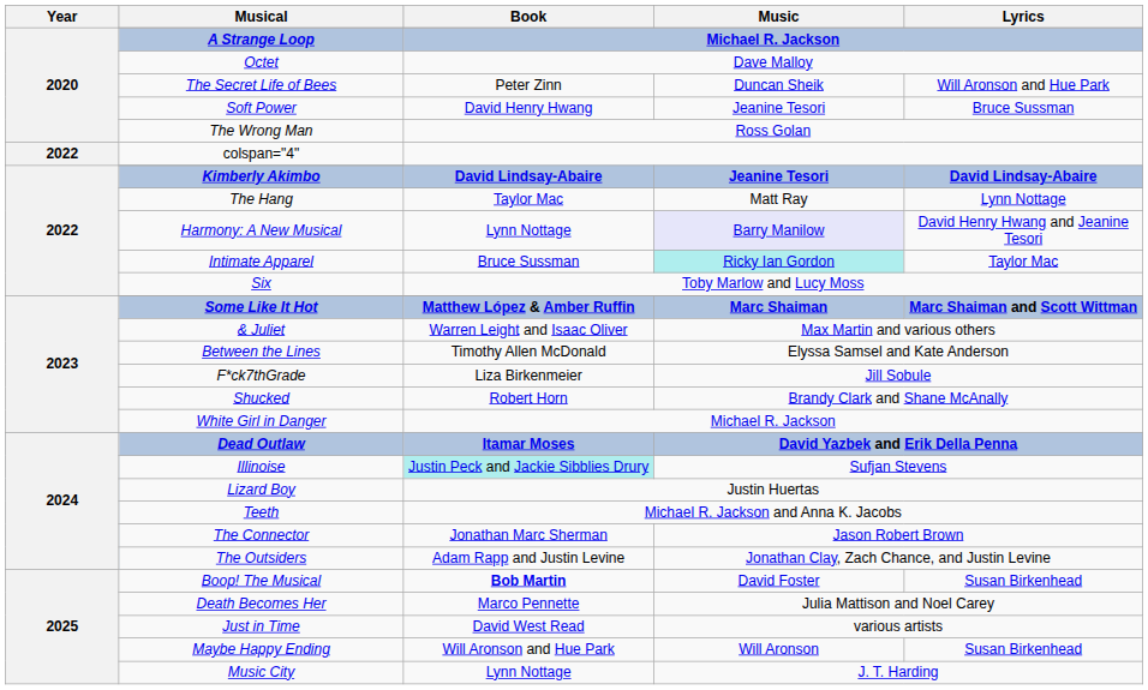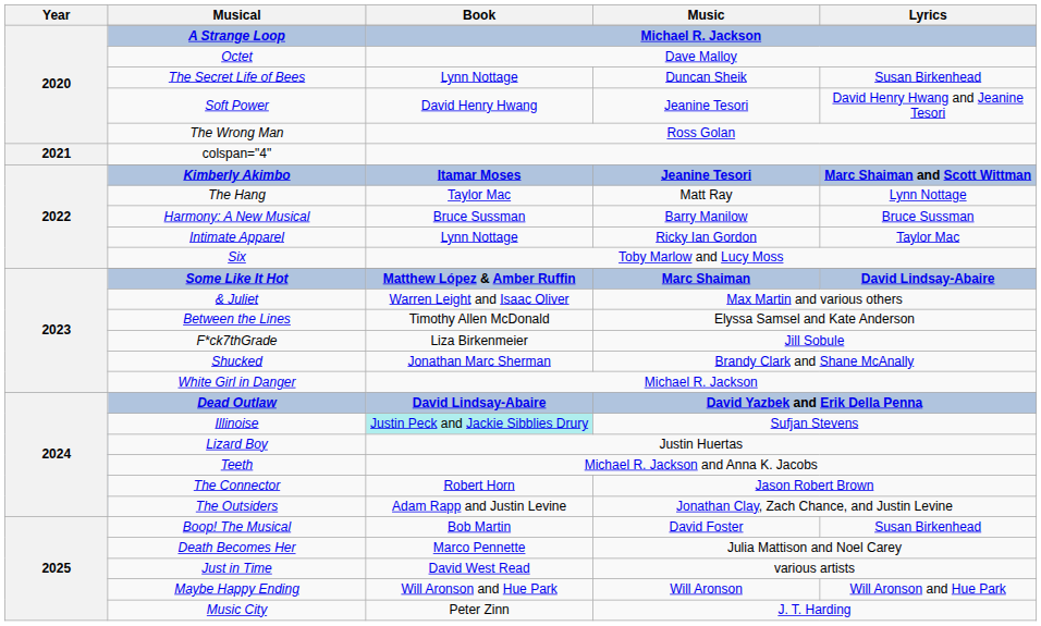 <table class="wikitable" style="width:100%; text-align:center;">
 <tr style="background:#bebebe;">
 <th style="width:10%;">Year</th>
 <th style="width:25%;">Musical</th>
 <th style="width:22%;">Book</th>
 <th style="width:22%;">Music</th>
 <th style="width:22%;">Lyrics</th>
 </tr>
 <tr>
 <th rowspan="6">2020</th>
 </tr>
 <tr style="background:#B0C4DE">
 <td><strong><em><a href='#'>A Strange Loop</a></em></strong></td>
 <td colspan="3"><strong><a href='#'>Michael R. Jackson</a></strong></td>
 </tr>
 <tr>
 <td><em><a href='#'>Octet</a></em></td>
 <td colspan="3"><a href='#'>Dave Malloy</a></td>
 </tr>
 <tr>
 <td><em><a href='#'>The Secret Life of Bees</a></em></td>
-<td>Peter Zinn</td>
+<td><a href='#'>Lynn Nottage</a></td>
 <td><a href='#'>Duncan Sheik</a></td>
-<td><a href='#'>Will Aronson</a> and <a href='#'>Hue Park</a></td>
+<td><a href='#'>Susan Birkenhead</a></td>
 </tr>
 <tr>
 <td><em><a href='#'>Soft Power</a></em></td>
 <td><a href='#'>David Henry Hwang</a></td>
 <td><a href='#'>Jeanine Tesori</a></td>
-<td><a href='#'>Bruce Sussman</a></td>
+<td><a href='#'>David Henry Hwang</a> and <a href='#'>Jeanine Tesori</a></td>
 </tr>
 <tr>
 <td><em>The Wrong Man</em></td>
 <td colspan="3"><a href='#'>Ross Golan</a></td>
 </tr>
 <tr>
-<th>2022</th>
+<th>2021</th>
 <td>colspan="4" </td>
 </tr>
 <tr>
 <th rowspan="6">2022</th>
 </tr>
 <tr style="background:#B0C4DE">
 <td><strong><em><a href='#'>Kimberly Akimbo</a></em></strong></td>
-<td><strong><a href='#'>David Lindsay-Abaire</a></strong></td>
+<td><strong><a href='#'>Itamar Moses</a></strong></td>
 <td><strong><a href='#'>Jeanine Tesori</a></strong></td>
-<td><strong><a href='#'>David Lindsay-Abaire</a></strong></td>
+<td><strong><a href='#'>Marc Shaiman</a> and <a href='#'>Scott Wittman</a></strong></td>
 </tr>
 <tr>
 <td><em>The Hang</em></td>
 <td><a href='#'>Taylor Mac</a></td>
 <td>Matt Ray</td>
 <td><a href='#'>Lynn Nottage</a></td>
 </tr>
 <tr>
 <td><em><a href='#'>Harmony: A New Musical</a></em></td>
-<td><a href='#'>Lynn Nottage</a></td>
-<td style="background: lavender;"><a href='#'>Barry Manilow</a></td>
-<td><a href='#'>David Henry Hwang</a> and <a href='#'>Jeanine Tesori</a></td>
+<td><a href='#'>Bruce Sussman</a></td>
+<td><a href='#'>Barry Manilow</a></td>
+<td><a href='#'>Bruce Sussman</a></td>
 </tr>
 <tr>
 <td><em><a href='#'>Intimate Apparel</a></em></td>
-<td><a href='#'>Bruce Sussman</a></td>
-<td style="background: paleturquoise;"><a href='#'>Ricky Ian Gordon</a></td>
+<td><a href='#'>Lynn Nottage</a></td>
+<td><a href='#'>Ricky Ian Gordon</a></td>
 <td><a href='#'>Taylor Mac</a></td>
 </tr>
 <tr>
 <td><em><a href='#'>Six</a></em></td>
 <td colspan="3"><a href='#'>Toby Marlow</a> and <a href='#'>Lucy Moss</a></td>
 </tr>
 <tr>
 <th rowspan="7">2023</th>
 </tr>
 <tr style="background:#B0C4DE">
 <td><strong><em><a href='#'>Some Like It Hot</a></em></strong></td>
 <td><strong><a href='#'>Matthew López</a> & <a href='#'>Amber Ruffin</a></strong></td>
 <td><strong><a href='#'>Marc Shaiman</a></strong></td>
-<td><strong><a href='#'>Marc Shaiman</a> and <a href='#'>Scott Wittman</a></strong></td>
+<td><strong><a href='#'>David Lindsay-Abaire</a></strong></td>
 </tr>
 <tr>
 <td><em><a href='#'>& Juliet</a></em></td>
 <td><a href='#'>Warren Leight</a> and <a href='#'>Isaac Oliver</a></td>
 <td colspan="2"><a href='#'>Max Martin</a> and various others</td>
 </tr>
 <tr>
 <td><em><a href='#'>Between the Lines</a></em></td>
 <td>Timothy Allen McDonald</td>
 <td colspan="2">Elyssa Samsel and Kate Anderson</td>
 </tr>
 <tr>
 <td><em>F*ck7thGrade</em></td>
 <td>Liza Birkenmeier</td>
 <td colspan="2"><a href='#'>Jill Sobule</a></td>
 </tr>
 <tr>
 <td><em><a href='#'>Shucked</a></em></td>
-<td><a href='#'>Robert Horn</a></td>
+<td><a href='#'>Jonathan Marc Sherman</a></td>
 <td colspan="2"><a href='#'>Brandy Clark</a> and <a href='#'>Shane McAnally</a></td>
 </tr>
 <tr>
 <td><em><a href='#'>White Girl in Danger</a></em></td>
 <td colspan="3"><a href='#'>Michael R. Jackson</a></td>
 </tr>
 <tr style="background:#B0C4DE">
 <th rowspan="6">2024</th>
 <td><strong><em><a href='#'>Dead Outlaw</a></em></strong></td>
-<td><strong><a href='#'>Itamar Moses</a></strong></td>
+<td><strong><a href='#'>David Lindsay-Abaire</a></strong></td>
 <td colspan=2><strong><a href='#'>David Yazbek</a> and <a href='#'>Erik Della Penna</a></strong></td>
 </tr>
 <tr>
 <td><em><a href='#'>Illinoise</a></em></td>
 <td style="background: paleturquoise;"><a href='#'>Justin Peck</a> and <a href='#'>Jackie Sibblies Drury</a></td>
 <td colspan=2><a href='#'>Sufjan Stevens</a></td>
 </tr>
 <tr>
 <td><em><a href='#'>Lizard Boy</a></em></td>
 <td colspan=3>Justin Huertas</td>
 </tr>
 <tr>
 <td><em><a href='#'>Teeth</a></em></td>
 <td colspan=3><a href='#'>Michael R. Jackson</a> and Anna K. Jacobs</td>
 </tr>
 <tr>
 <td><em><a href='#'>The Connector</a></em></td>
-<td><a href='#'>Jonathan Marc Sherman</a></td>
+<td><a href='#'>Robert Horn</a></td>
 <td colspan=2><a href='#'>Jason Robert Brown</a></td>
 </tr>
 <tr>
 <td><em><a href='#'>The Outsiders</a></em></td>
 <td><a href='#'>Adam Rapp</a> and Justin Levine</td>
 <td colspan=2><a href='#'>Jonathan Clay</a>, Zach Chance, and Justin Levine</td>
 </tr>
 <tr>
 <th rowspan=5>2025</th>
 <td><em><a href='#'>Boop! The Musical</a></em></td>
-<td><strong><a href='#'>Bob Martin</a></strong></td>
+<td><a href='#'>Bob Martin</a></td>
 <td><a href='#'>David Foster</a></td>
 <td><a href='#'>Susan Birkenhead</a></td>
 </tr>
 <tr>
 <td><em><a href='#'>Death Becomes Her</a></em></td>
 <td><a href='#'>Marco Pennette</a></td>
 <td colspan=2>Julia Mattison and Noel Carey</td>
 </tr>
 <tr>
 <td><em><a href='#'>Just in Time</a></em></td>
 <td><a href='#'>David West Read</a></td>
 <td colspan=2>various artists</td>
 </tr>
 <tr>
 <td><em><a href='#'>Maybe Happy Ending</a></em></td>
 <td><a href='#'>Will Aronson</a> and <a href='#'>Hue Park</a></td>
 <td><a href='#'>Will Aronson</a></td>
-<td><a href='#'>Susan Birkenhead</a></td>
+<td><a href='#'>Will Aronson</a> and <a href='#'>Hue Park</a></td>
 </tr>
 <tr>
 <td><em><a href='#'>Music City</a></em></td>
-<td><a href='#'>Lynn Nottage</a></td>
+<td>Peter Zinn</td>
 <td colspan=2><a href='#'>J. T. Harding</a></td>
 </tr>
 </table>
